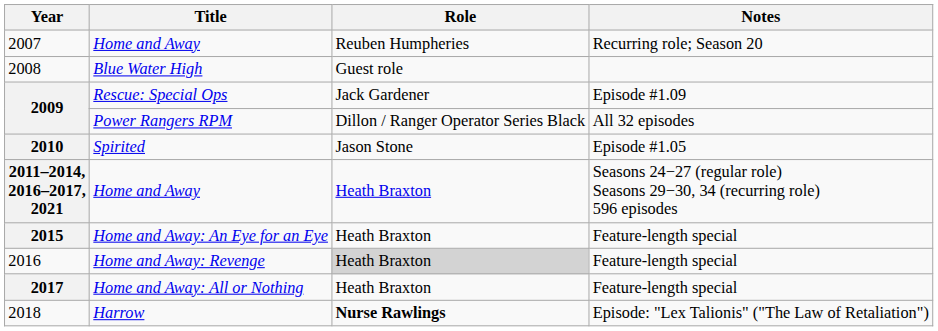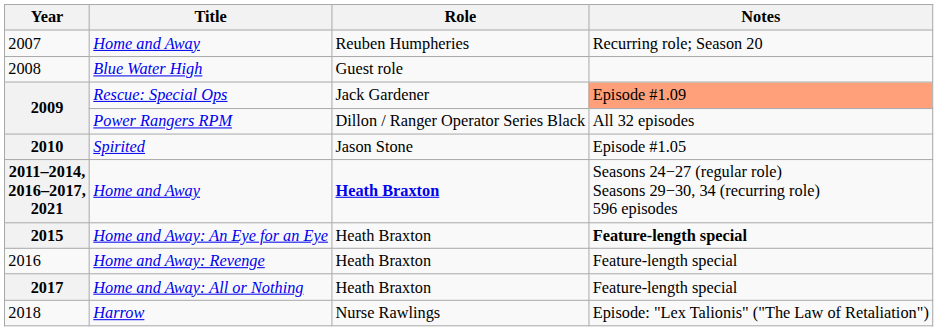 <table class="wikitable sortable plainrowheaders">
 <tr>
 <th scope="col">Year</th>
 <th scope="col">Title</th>
 <th scope="col">Role</th>
 <th scope="col" class="unsortable">Notes</th>
 </tr>
 <tr>
 <td>2007</td>
 <td><em><a href='#'>Home and Away</a></em></td>
 <td>Reuben Humpheries</td>
 <td>Recurring role; Season 20</td>
 </tr>
 <tr>
 <td>2008</td>
 <td><em><a href='#'>Blue Water High</a></em></td>
 <td>Guest role</td>
 <td></td>
 </tr>
 <tr>
 <th rowspan="2" scope="row">2009</th>
 <td><em><a href='#'>Rescue: Special Ops</a></em></td>
 <td>Jack Gardener</td>
-<td>Episode #1.09</td>
+<td style="background: lightsalmon;">Episode #1.09</td>
 </tr>
 <tr>
 <td><em><a href='#'>Power Rangers RPM</a></em></td>
 <td>Dillon / Ranger Operator Series Black</td>
 <td>All 32 episodes</td>
 </tr>
 <tr>
 <th scope="row">2010</th>
 <td><em><a href='#'>Spirited</a></em></td>
 <td>Jason Stone</td>
 <td>Episode #1.05</td>
 </tr>
 <tr>
 <th scope="row">2011–2014,<br>2016–2017,<br>2021</th>
 <td><em><a href='#'>Home and Away</a></em></td>
-<td><a href='#'>Heath Braxton</a></td>
+<td><strong><a href='#'>Heath Braxton</a></strong></td>
 <td>Seasons 24−27 (regular role) <br> Seasons 29−30, 34 (recurring role)<br>596 episodes</td>
 </tr>
 <tr>
 <th scope="row">2015</th>
 <td><em><a href='#'>Home and Away: An Eye for an Eye</a></em></td>
 <td>Heath Braxton</td>
-<td>Feature-length special</td>
+<td><strong>Feature-length special</strong></td>
 </tr>
 <tr>
 <td>2016</td>
 <td><em><a href='#'>Home and Away: Revenge</a></em></td>
-<td style="background: lightgrey;">Heath Braxton</td>
+<td>Heath Braxton</td>
 <td>Feature-length special</td>
 </tr>
 <tr>
 <th scope="row">2017</th>
 <td><em><a href='#'>Home and Away: All or Nothing</a></em></td>
 <td>Heath Braxton</td>
 <td>Feature-length special</td>
 </tr>
 <tr>
 <td>2018</td>
 <td><em><a href='#'>Harrow</a></em></td>
-<td><strong>Nurse Rawlings</strong></td>
+<td>Nurse Rawlings</td>
 <td>Episode: "Lex Talionis" ("The Law of Retaliation")</td>
 </tr>
 </table>
